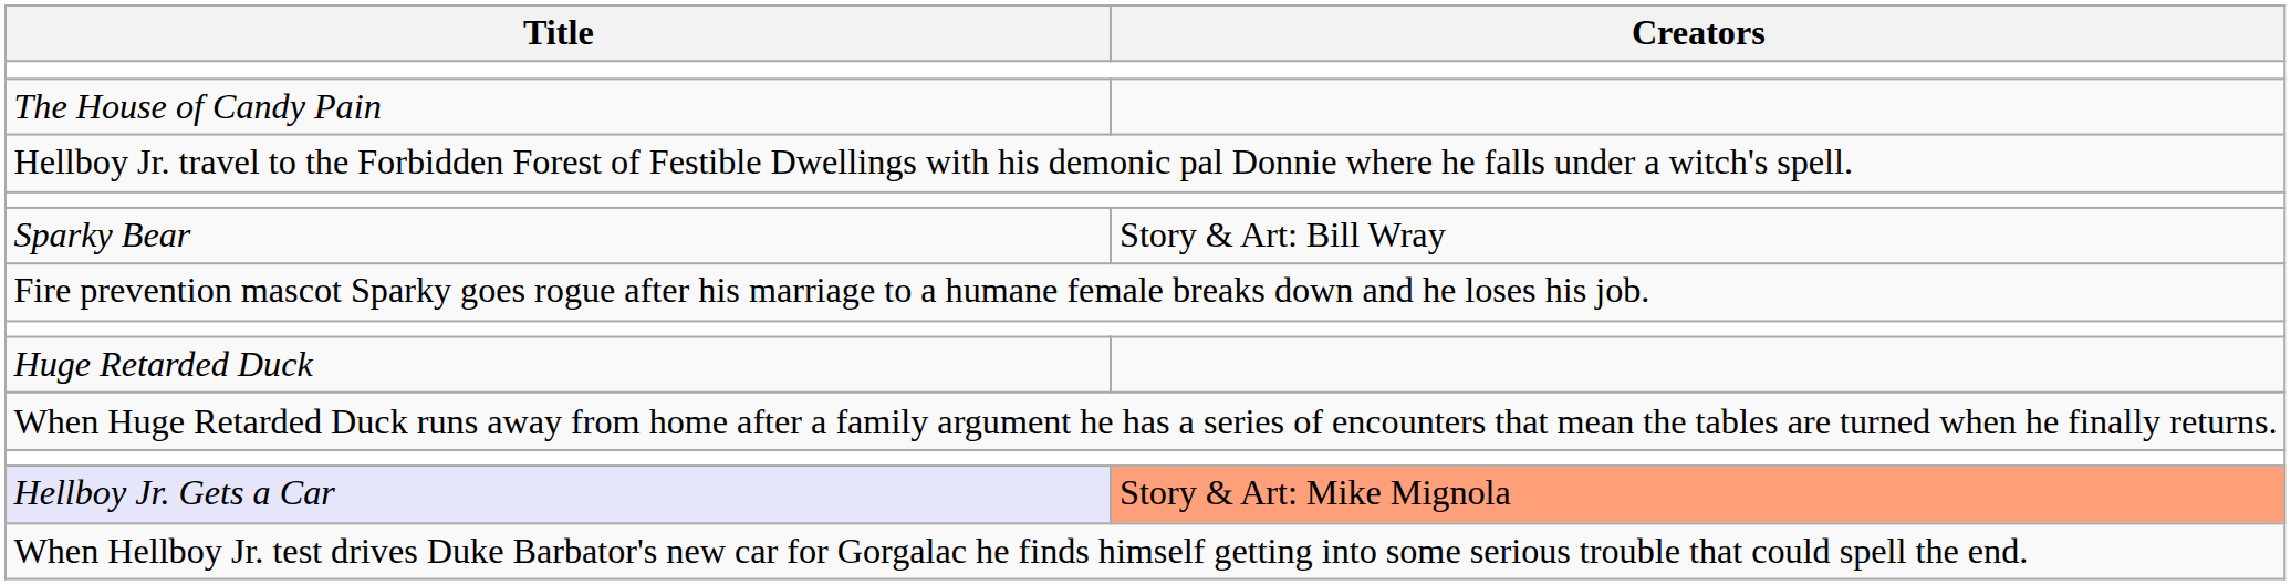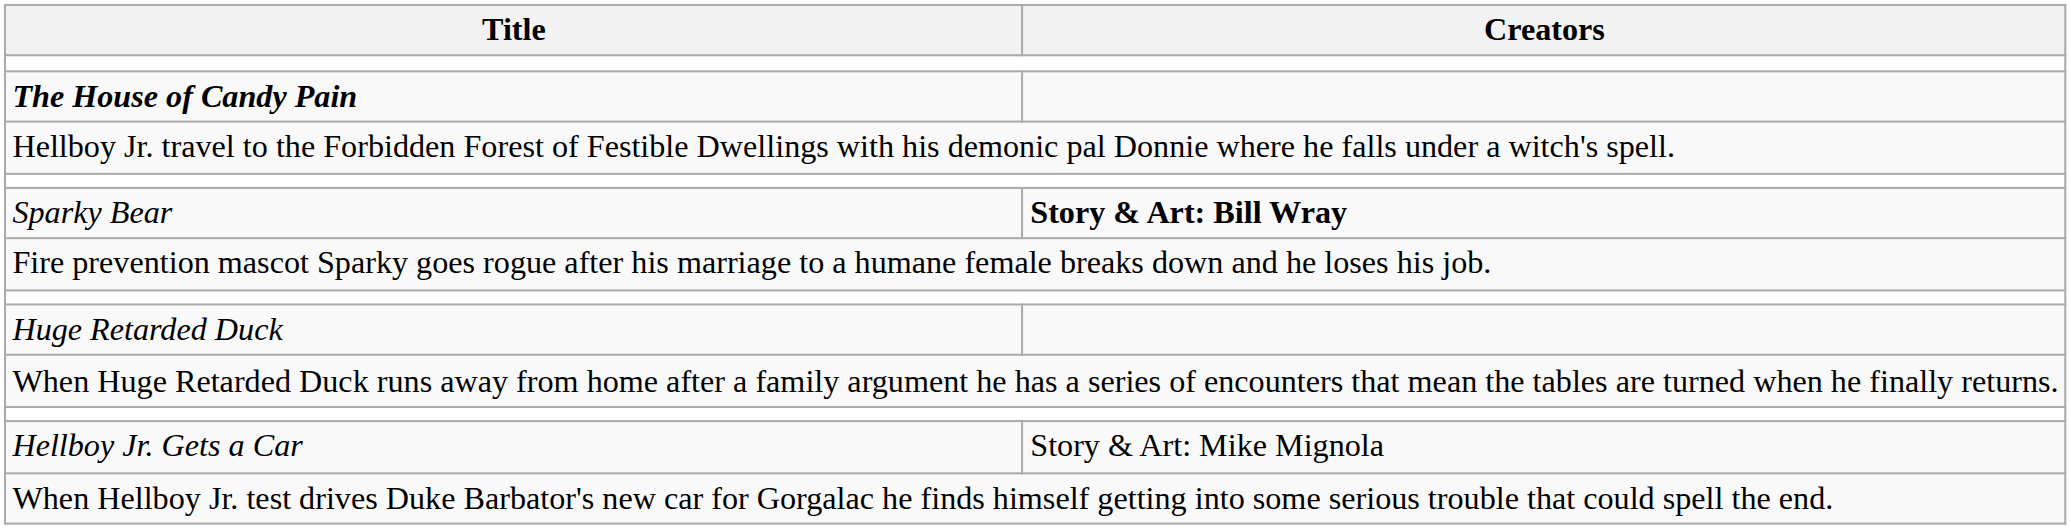 <table class="wikitable">
 <tr>
 <th>Title</th>
 <th>Creators</th>
 </tr>
 <tr>
 <td colspan="6" bgcolor="#FFFFFF"></td>
 </tr>
 <tr>
-<td><em>The House of Candy Pain</em></td>
+<td><strong><em>The House of Candy Pain</em></strong></td>
 <td></td>
 </tr>
 <tr>
 <td colspan="6">Hellboy Jr. travel to the Forbidden Forest of Festible Dwellings with his demonic pal Donnie where he falls under a witch's spell.</td>
 </tr>
 <tr>
 <td colspan="6" bgcolor="#FFFFFF"></td>
 </tr>
 <tr>
 <td><em>Sparky Bear</em></td>
-<td>Story & Art: Bill Wray</td>
+<td><strong>Story & Art: Bill Wray</strong></td>
 </tr>
 <tr>
 <td colspan="6">Fire prevention mascot Sparky goes rogue after his marriage to a humane female breaks down and he loses his job.</td>
 </tr>
 <tr>
 <td colspan="6" bgcolor="#FFFFFF"></td>
 </tr>
 <tr>
 <td><em>Huge Retarded Duck</em></td>
 <td></td>
 </tr>
 <tr>
 <td colspan="6">When Huge Retarded Duck runs away from home after a family argument he has a series of encounters that mean the tables are turned when he finally returns.</td>
 </tr>
 <tr>
 <td colspan="6" bgcolor="#FFFFFF"></td>
 </tr>
 <tr>
-<td style="background: lavender;"><em>Hellboy Jr. Gets a Car</em></td>
-<td style="background: lightsalmon;">Story & Art: Mike Mignola</td>
+<td><em>Hellboy Jr. Gets a Car</em></td>
+<td>Story & Art: Mike Mignola</td>
 </tr>
 <tr>
 <td colspan="6">When Hellboy Jr. test drives Duke Barbator's new car for Gorgalac he finds himself getting into some serious trouble that could spell the end.</td>
 </tr>
 </table>
